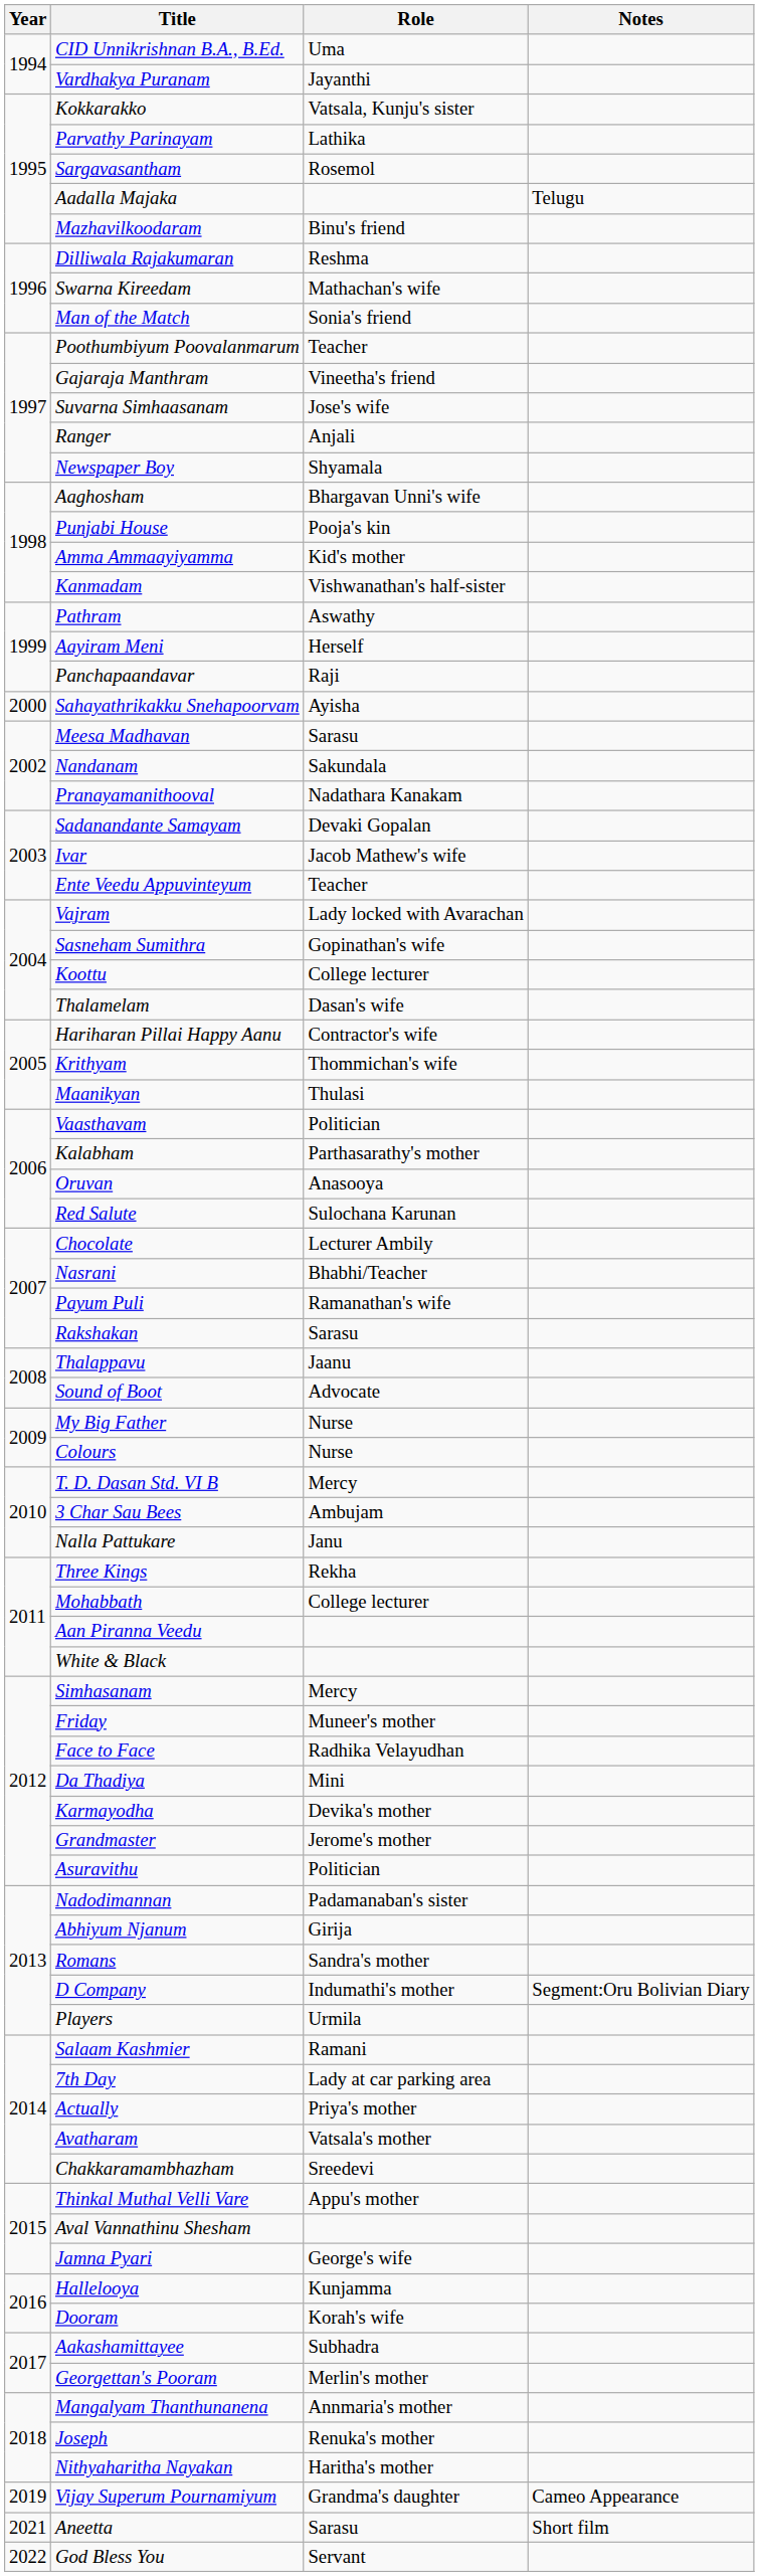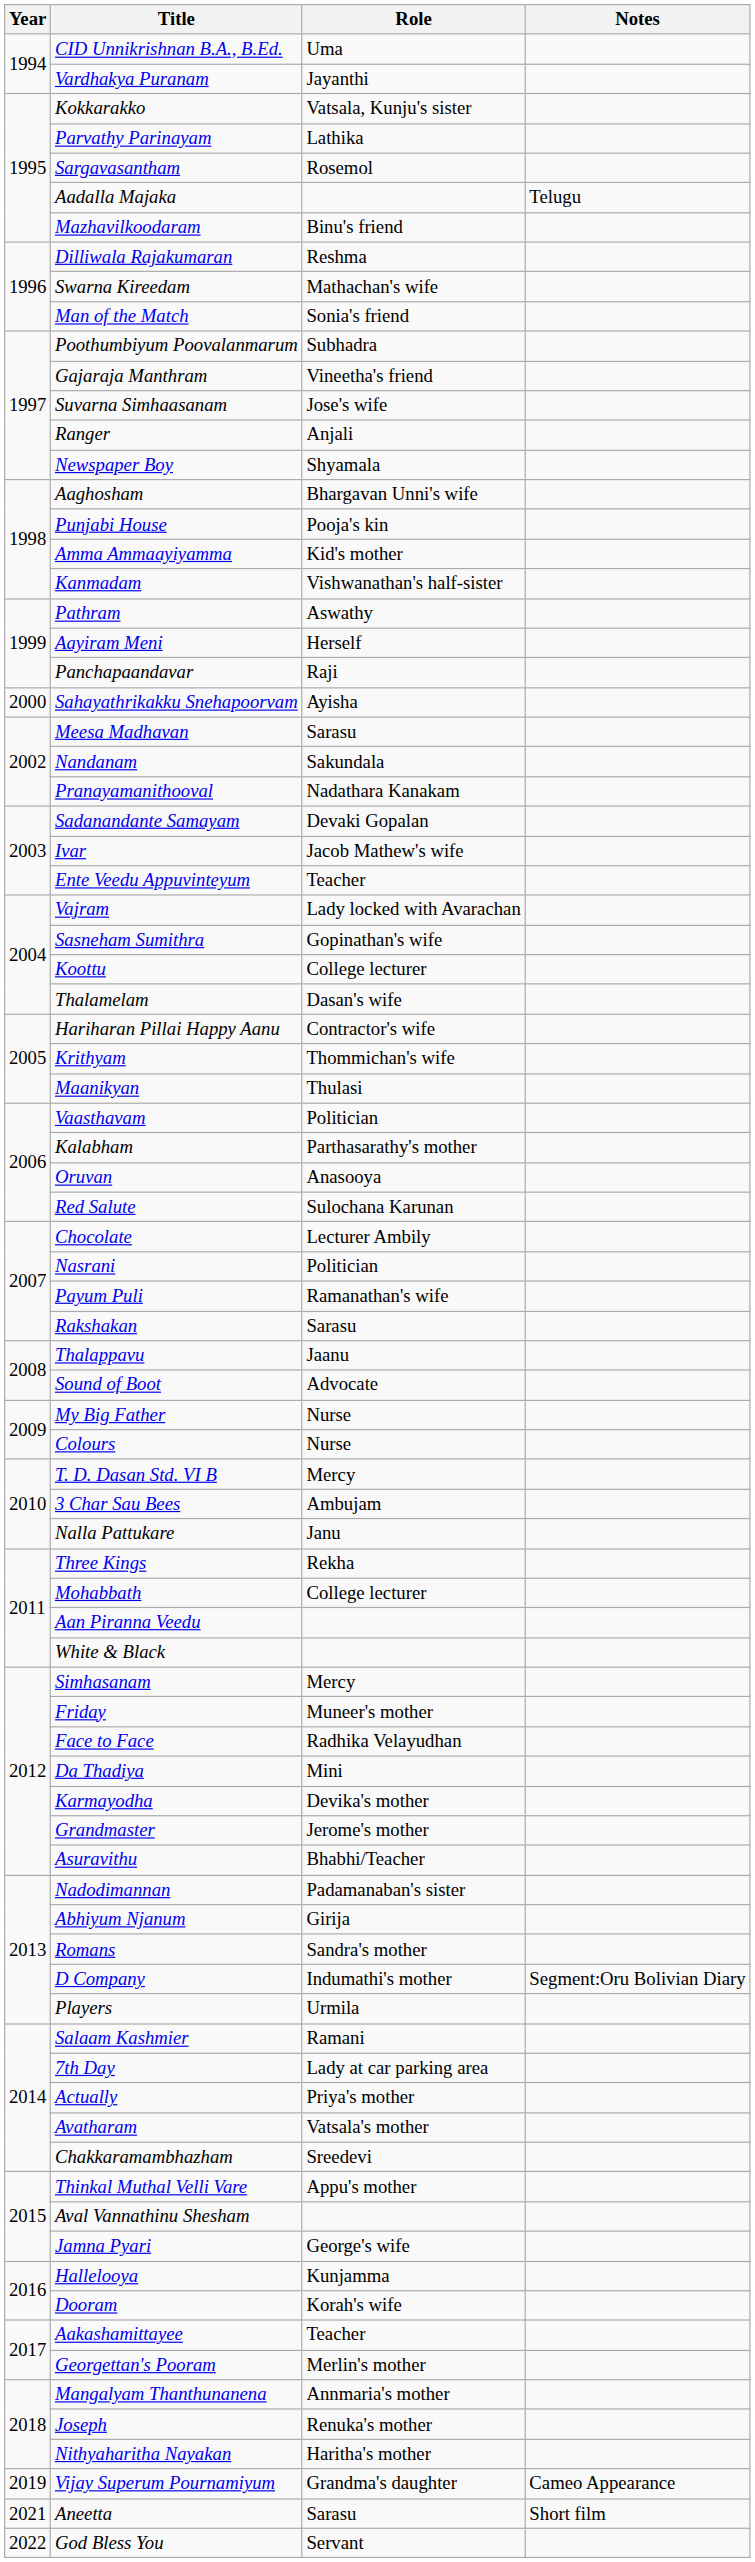 <table class="wikitable sortable">
 <tr>
 <th>Year</th>
 <th>Title</th>
 <th>Role</th>
 <th class="unsortable">Notes</th>
 </tr>
 <tr>
 <td rowspan=2>1994</td>
 <td><em><a href='#'>CID Unnikrishnan B.A., B.Ed.</a></em></td>
 <td>Uma</td>
 <td></td>
 </tr>
 <tr>
 <td><em><a href='#'>Vardhakya Puranam</a></em></td>
 <td>Jayanthi</td>
 <td></td>
 </tr>
 <tr>
 <td rowspan=5>1995</td>
 <td><em>Kokkarakko</em></td>
 <td>Vatsala, Kunju's sister</td>
 <td></td>
 </tr>
 <tr>
 <td><em><a href='#'>Parvathy Parinayam</a></em></td>
 <td>Lathika</td>
 <td></td>
 </tr>
 <tr>
 <td><em><a href='#'>Sargavasantham</a></em></td>
 <td>Rosemol</td>
 <td></td>
 </tr>
 <tr>
 <td><em>Aadalla Majaka</em></td>
 <td></td>
 <td>Telugu</td>
 </tr>
 <tr>
 <td><em><a href='#'>Mazhavilkoodaram</a></em></td>
 <td>Binu's friend</td>
 <td></td>
 </tr>
 <tr>
 <td rowspan=3>1996</td>
 <td><em><a href='#'>Dilliwala Rajakumaran</a></em></td>
 <td>Reshma</td>
 <td></td>
 </tr>
 <tr>
 <td><em>Swarna Kireedam</em></td>
 <td>Mathachan's wife</td>
 <td></td>
 </tr>
 <tr>
 <td><em><a href='#'>Man of the Match</a></em></td>
 <td>Sonia's friend</td>
 <td></td>
 </tr>
 <tr>
 <td rowspan=5>1997</td>
 <td><em>Poothumbiyum Poovalanmarum</em></td>
-<td>Teacher</td>
+<td>Subhadra</td>
 <td></td>
 </tr>
 <tr>
 <td><em>Gajaraja Manthram</em></td>
 <td>Vineetha's friend</td>
 <td></td>
 </tr>
 <tr>
 <td><em>Suvarna Simhaasanam</em></td>
 <td>Jose's wife</td>
 <td></td>
 </tr>
 <tr>
 <td><em>Ranger</em></td>
 <td>Anjali</td>
 <td></td>
 </tr>
 <tr>
 <td><em><a href='#'>Newspaper Boy</a></em></td>
 <td>Shyamala</td>
 <td></td>
 </tr>
 <tr>
 <td rowspan=4>1998</td>
 <td><em>Aaghosham</em></td>
 <td>Bhargavan Unni's wife</td>
 <td></td>
 </tr>
 <tr>
 <td><em><a href='#'>Punjabi House</a></em></td>
 <td>Pooja's kin</td>
 <td></td>
 </tr>
 <tr>
 <td><em><a href='#'>Amma Ammaayiyamma</a></em></td>
 <td>Kid's mother</td>
 <td></td>
 </tr>
 <tr>
 <td><em><a href='#'>Kanmadam</a></em></td>
 <td>Vishwanathan's half-sister</td>
 <td></td>
 </tr>
 <tr>
 <td rowspan=3>1999</td>
 <td><em><a href='#'>Pathram</a></em></td>
 <td>Aswathy</td>
 <td></td>
 </tr>
 <tr>
 <td><em><a href='#'>Aayiram Meni</a></em></td>
 <td>Herself</td>
 <td></td>
 </tr>
 <tr>
 <td><em>Panchapaandavar</em></td>
 <td>Raji</td>
 <td></td>
 </tr>
 <tr>
 <td>2000</td>
 <td><em><a href='#'>Sahayathrikakku Snehapoorvam</a></em></td>
 <td>Ayisha</td>
 <td></td>
 </tr>
 <tr>
 <td rowspan=3>2002</td>
 <td><em><a href='#'>Meesa Madhavan</a></em></td>
 <td>Sarasu</td>
 <td></td>
 </tr>
 <tr>
 <td><em><a href='#'>Nandanam</a></em></td>
 <td>Sakundala</td>
 <td></td>
 </tr>
 <tr>
 <td><em><a href='#'>Pranayamanithooval</a></em></td>
 <td>Nadathara Kanakam</td>
 <td></td>
 </tr>
 <tr>
 <td rowspan=3>2003</td>
 <td><em><a href='#'>Sadanandante Samayam</a></em></td>
 <td>Devaki Gopalan</td>
 <td></td>
 </tr>
 <tr>
 <td><em><a href='#'>Ivar</a></em></td>
 <td>Jacob Mathew's wife</td>
 <td></td>
 </tr>
 <tr>
 <td><em><a href='#'>Ente Veedu Appuvinteyum</a></em></td>
 <td>Teacher</td>
 <td></td>
 </tr>
 <tr>
 <td rowspan=4>2004</td>
 <td><em><a href='#'>Vajram</a></em></td>
 <td>Lady locked with Avarachan</td>
 <td></td>
 </tr>
 <tr>
 <td><em><a href='#'>Sasneham Sumithra</a></em></td>
 <td>Gopinathan's wife</td>
 <td></td>
 </tr>
 <tr>
 <td><em><a href='#'>Koottu</a></em></td>
 <td>College lecturer</td>
 <td></td>
 </tr>
 <tr>
 <td><em>Thalamelam</em></td>
 <td>Dasan's wife</td>
 <td></td>
 </tr>
 <tr>
 <td rowspan=3>2005</td>
 <td><em>Hariharan Pillai Happy Aanu</em></td>
 <td>Contractor's wife</td>
 <td></td>
 </tr>
 <tr>
 <td><em><a href='#'>Krithyam</a></em></td>
 <td>Thommichan's wife</td>
 <td></td>
 </tr>
 <tr>
 <td><em><a href='#'>Maanikyan</a></em></td>
 <td>Thulasi</td>
 <td></td>
 </tr>
 <tr>
 <td rowspan=4>2006</td>
 <td><em><a href='#'>Vaasthavam</a></em></td>
 <td>Politician</td>
 <td></td>
 </tr>
 <tr>
 <td><em>Kalabham</em></td>
 <td>Parthasarathy's mother</td>
 <td></td>
 </tr>
 <tr>
 <td><em><a href='#'>Oruvan</a></em></td>
 <td>Anasooya</td>
 <td></td>
 </tr>
 <tr>
 <td><em><a href='#'>Red Salute</a></em></td>
 <td>Sulochana Karunan</td>
 <td></td>
 </tr>
 <tr>
 <td rowspan=4>2007</td>
 <td><em><a href='#'>Chocolate</a></em></td>
 <td>Lecturer Ambily</td>
 <td></td>
 </tr>
 <tr>
 <td><em><a href='#'>Nasrani</a></em></td>
-<td>Bhabhi/Teacher</td>
+<td>Politician</td>
 <td></td>
 </tr>
 <tr>
 <td><em><a href='#'>Payum Puli</a></em></td>
 <td>Ramanathan's wife</td>
 <td></td>
 </tr>
 <tr>
 <td><em><a href='#'>Rakshakan</a></em></td>
 <td>Sarasu</td>
 <td></td>
 </tr>
 <tr>
 <td rowspan=2>2008</td>
 <td><em><a href='#'>Thalappavu</a></em></td>
 <td>Jaanu</td>
 <td></td>
 </tr>
 <tr>
 <td><em><a href='#'>Sound of Boot</a></em></td>
 <td>Advocate</td>
 <td></td>
 </tr>
 <tr>
 <td rowspan=2>2009</td>
 <td><em><a href='#'>My Big Father</a></em></td>
 <td>Nurse</td>
 <td></td>
 </tr>
 <tr>
 <td><em><a href='#'>Colours</a></em></td>
 <td>Nurse</td>
 <td></td>
 </tr>
 <tr>
 <td rowspan=3>2010</td>
 <td><em><a href='#'>T. D. Dasan Std. VI B</a></em></td>
 <td>Mercy</td>
 <td></td>
 </tr>
 <tr>
 <td><em><a href='#'>3 Char Sau Bees</a></em></td>
 <td>Ambujam</td>
 <td></td>
 </tr>
 <tr>
 <td><em>Nalla Pattukare</em></td>
 <td>Janu</td>
 <td></td>
 </tr>
 <tr>
 <td rowspan=4>2011</td>
 <td><em><a href='#'>Three Kings</a></em></td>
 <td>Rekha</td>
 <td></td>
 </tr>
 <tr>
 <td><em><a href='#'>Mohabbath</a></em></td>
 <td>College lecturer</td>
 <td></td>
 </tr>
 <tr>
 <td><em><a href='#'>Aan Piranna Veedu</a></em></td>
 <td></td>
 <td></td>
 </tr>
 <tr>
 <td><em>White & Black</em></td>
 <td></td>
 <td></td>
 </tr>
 <tr>
 <td rowspan=7>2012</td>
 <td><em><a href='#'>Simhasanam</a></em></td>
 <td>Mercy</td>
 <td></td>
 </tr>
 <tr>
 <td><em><a href='#'>Friday</a></em></td>
 <td>Muneer's mother</td>
 <td></td>
 </tr>
 <tr>
 <td><em><a href='#'>Face to Face</a></em></td>
 <td>Radhika Velayudhan</td>
 <td></td>
 </tr>
 <tr>
 <td><em><a href='#'>Da Thadiya</a></em></td>
 <td>Mini</td>
 <td></td>
 </tr>
 <tr>
 <td><em><a href='#'>Karmayodha</a></em></td>
 <td>Devika's mother</td>
 <td></td>
 </tr>
 <tr>
 <td><em><a href='#'>Grandmaster</a></em></td>
 <td>Jerome's mother</td>
 <td></td>
 </tr>
 <tr>
 <td><em><a href='#'>Asuravithu</a></em></td>
-<td>Politician</td>
+<td>Bhabhi/Teacher</td>
 <td></td>
 </tr>
 <tr>
 <td rowspan=5>2013</td>
 <td><em><a href='#'>Nadodimannan</a></em></td>
 <td>Padamanaban's sister</td>
 <td></td>
 </tr>
 <tr>
 <td><em><a href='#'>Abhiyum Njanum</a></em></td>
 <td>Girija</td>
 <td></td>
 </tr>
 <tr>
 <td><em><a href='#'>Romans</a></em></td>
 <td>Sandra's mother</td>
 <td></td>
 </tr>
 <tr>
 <td><em><a href='#'>D Company</a></em></td>
 <td>Indumathi's mother</td>
 <td>Segment:Oru Bolivian Diary</td>
 </tr>
 <tr>
 <td><em>Players</em></td>
 <td>Urmila</td>
 <td></td>
 </tr>
 <tr>
 <td rowspan=5>2014</td>
 <td><em><a href='#'>Salaam Kashmier</a></em></td>
 <td>Ramani</td>
 <td></td>
 </tr>
 <tr>
 <td><em><a href='#'>7th Day</a></em></td>
 <td>Lady at car parking area</td>
 <td></td>
 </tr>
 <tr>
 <td><em><a href='#'>Actually</a></em></td>
 <td>Priya's mother</td>
 <td></td>
 </tr>
 <tr>
 <td><em><a href='#'>Avatharam</a></em></td>
 <td>Vatsala's mother</td>
 <td></td>
 </tr>
 <tr>
 <td><em>Chakkaramambhazham</em></td>
 <td>Sreedevi</td>
 <td></td>
 </tr>
 <tr>
 <td rowspan=3>2015</td>
 <td><em><a href='#'>Thinkal Muthal Velli Vare</a></em></td>
 <td>Appu's mother</td>
 <td></td>
 </tr>
 <tr>
 <td><em>Aval Vannathinu Shesham</em></td>
 <td></td>
 <td></td>
 </tr>
 <tr>
 <td><em><a href='#'>Jamna Pyari</a></em></td>
 <td>George's wife</td>
 <td></td>
 </tr>
 <tr>
 <td rowspan=2>2016</td>
 <td><em><a href='#'>Hallelooya</a></em></td>
 <td>Kunjamma</td>
 <td></td>
 </tr>
 <tr>
 <td><em><a href='#'>Dooram</a></em></td>
 <td>Korah's wife</td>
 <td></td>
 </tr>
 <tr>
 <td rowspan=2>2017</td>
 <td><em><a href='#'>Aakashamittayee</a></em></td>
-<td>Subhadra</td>
+<td>Teacher</td>
 <td></td>
 </tr>
 <tr>
 <td><em><a href='#'>Georgettan's Pooram</a></em></td>
 <td>Merlin's mother</td>
 <td></td>
 </tr>
 <tr>
 <td rowspan=3>2018</td>
 <td><em><a href='#'>Mangalyam Thanthunanena</a></em></td>
 <td>Annmaria's mother</td>
 <td></td>
 </tr>
 <tr>
 <td><em><a href='#'>Joseph</a></em></td>
 <td>Renuka's mother</td>
 <td></td>
 </tr>
 <tr>
 <td><em><a href='#'>Nithyaharitha Nayakan</a></em></td>
 <td>Haritha's mother</td>
 <td></td>
 </tr>
 <tr>
 <td>2019</td>
 <td><em><a href='#'>Vijay Superum Pournamiyum</a></em></td>
 <td>Grandma's daughter</td>
 <td>Cameo Appearance</td>
 </tr>
 <tr>
 <td>2021</td>
 <td><em>Aneetta</em></td>
 <td>Sarasu</td>
 <td>Short film</td>
 </tr>
 <tr>
 <td>2022</td>
 <td><em>God Bless You</em></td>
 <td>Servant</td>
 <td></td>
 </tr>
 <tr>
 </tr>
 </table>
